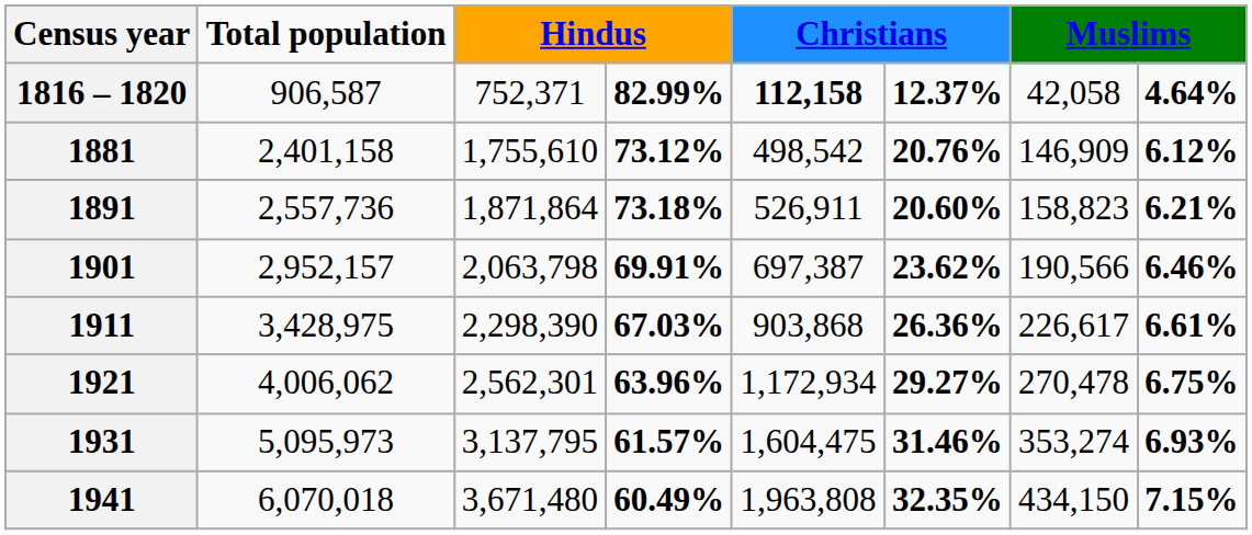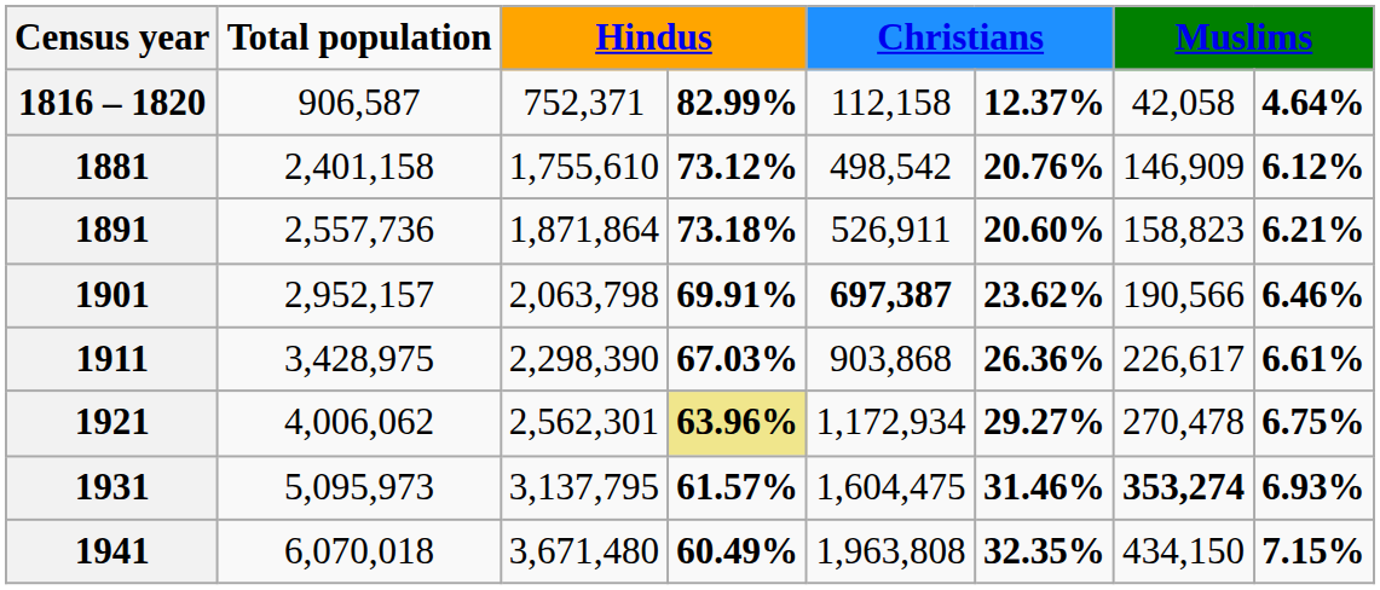 <table class="wikitable sortable" style="line-height:20px;text-align:center;">
 <tr>
 <th>Census year</th>
 <td><strong>Total population</strong></td>
 <td colspan="2" bgcolor="Orange"><a href='#'><span><strong>Hindus</strong></span></a></td>
 <td colspan="2" bgcolor="DodgerBlue"><a href='#'><span><strong>Christians</strong></span></a></td>
 <td colspan="2" bgcolor="Green"><a href='#'><span><strong>Muslims</strong></span></a></td>
 </tr>
 <tr>
 <th>1816 – 1820</th>
 <td>906,587</td>
 <td>752,371</td>
 <td><strong>82.99%</strong></td>
-<td><strong>112,158</strong></td>
+<td>112,158</td>
 <td><strong>12.37%</strong></td>
 <td>42,058</td>
 <td><strong>4.64%</strong></td>
 </tr>
 <tr>
 <th>1881</th>
 <td>2,401,158</td>
 <td>1,755,610</td>
 <td><strong>73.12%</strong></td>
 <td>498,542</td>
 <td><strong>20.76%</strong></td>
 <td>146,909</td>
 <td><strong>6.12%</strong></td>
 </tr>
 <tr>
 <th>1891</th>
 <td>2,557,736</td>
 <td>1,871,864</td>
 <td><strong>73.18%</strong></td>
 <td>526,911</td>
 <td><strong>20.60%</strong></td>
 <td>158,823</td>
 <td><strong>6.21%</strong></td>
 </tr>
 <tr>
 <th>1901</th>
 <td>2,952,157</td>
 <td>2,063,798</td>
 <td><strong>69.91%</strong></td>
-<td>697,387</td>
+<td><strong>697,387</strong></td>
 <td><strong>23.62%</strong></td>
 <td>190,566</td>
 <td><strong>6.46%</strong></td>
 </tr>
 <tr>
 <th>1911</th>
 <td>3,428,975</td>
 <td>2,298,390</td>
 <td><strong>67.03%</strong></td>
 <td>903,868</td>
 <td><strong>26.36%</strong></td>
 <td>226,617</td>
 <td><strong>6.61%</strong></td>
 </tr>
 <tr>
 <th>1921</th>
 <td>4,006,062</td>
 <td>2,562,301</td>
-<td><strong>63.96%</strong></td>
+<td style="background: khaki;"><strong>63.96%</strong></td>
 <td>1,172,934</td>
 <td><strong>29.27%</strong></td>
 <td>270,478</td>
 <td><strong>6.75%</strong></td>
 </tr>
 <tr>
 <th>1931</th>
 <td>5,095,973</td>
 <td>3,137,795</td>
 <td><strong>61.57%</strong></td>
 <td>1,604,475</td>
 <td><strong>31.46%</strong></td>
-<td>353,274</td>
+<td><strong>353,274</strong></td>
 <td><strong>6.93%</strong></td>
 </tr>
 <tr>
 <th>1941</th>
 <td>6,070,018</td>
 <td>3,671,480</td>
 <td><strong>60.49%</strong></td>
 <td>1,963,808</td>
 <td><strong>32.35%</strong></td>
 <td>434,150</td>
 <td><strong>7.15%</strong></td>
 </tr>
 </table>
